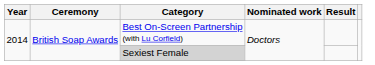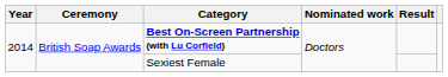 <table class="wikitable">
 <tr>
 <th>Year</th>
 <th>Ceremony</th>
 <th>Category</th>
 <th>Nominated work</th>
 <th>Result</th>
 <th></th>
 </tr>
 <tr>
 <td rowspan="2">2014</td>
 <td rowspan="2"><a href='#'>British Soap Awards</a></td>
-<td><a href='#'>Best On-Screen Partnership</a> <br> <small>(with <a href='#'>Lu Corfield</a>)</small></td>
+<td><strong><a href='#'>Best On-Screen Partnership</a> <br> <small>(with <a href='#'>Lu Corfield</a>)</small></strong></td>
 <td rowspan="2"><em>Doctors</em></td>
 <td></td>
 <td rowspan="2" align="center"></td>
 </tr>
 <tr>
-<td style="background: lightgrey;">Sexiest Female</td>
+<td>Sexiest Female</td>
 <td></td>
 </tr>
 </table>
